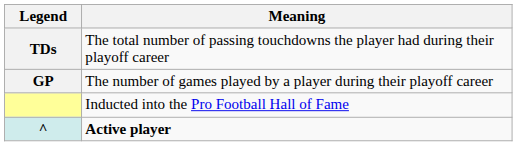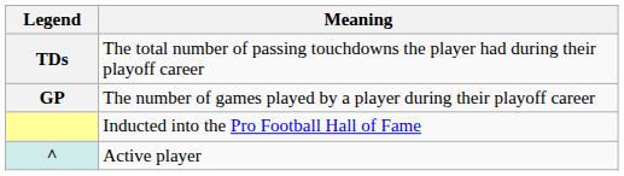 <table class="wikitable plainrowheaders" border="1">
 <tr>
 <th scope="col" style="width:75px">Legend</th>
 <th scope="col" style="width:450px">Meaning</th>
 </tr>
 <tr>
 <th scope="row" style="text-align:center;"><strong>TDs</strong></th>
 <td>The total number of passing touchdowns the player had during their playoff career</td>
 </tr>
 <tr>
 <th scope="row" style="text-align:center;"><strong>GP</strong></th>
 <td>The number of games played by a player during their playoff career</td>
 </tr>
 <tr>
 <th scope="row" style="text-align:center; background:#FFFF99;"></th>
 <td>Inducted into the <a href='#'>Pro Football Hall of Fame</a></td>
 </tr>
 <tr>
 <th scope="row" style="text-align:center; background-color:#cfecec;">^</th>
-<td><strong>Active player</strong></td>
+<td>Active player</td>
 </tr>
 </table>
